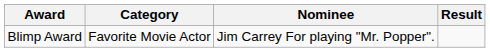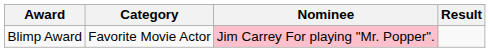 <table class="wikitable sortable">
 <tr>
 <th>Award</th>
 <th>Category</th>
 <th>Nominee</th>
 <th>Result</th>
 </tr>
 <tr>
 <td rowspan="2">Blimp Award</td>
 <td>Favorite Movie Actor</td>
-<td>Jim Carrey For playing "Mr. Popper".</td>
+<td style="background: pink;">Jim Carrey For playing "Mr. Popper".</td>
 <td></td>
 </tr>
 </table>
